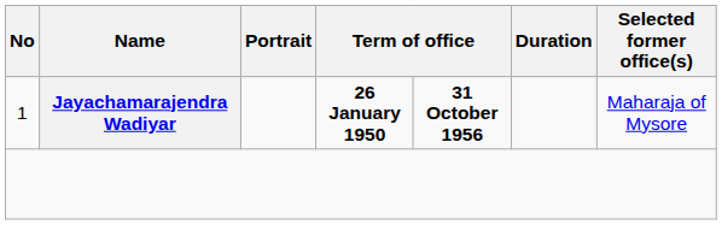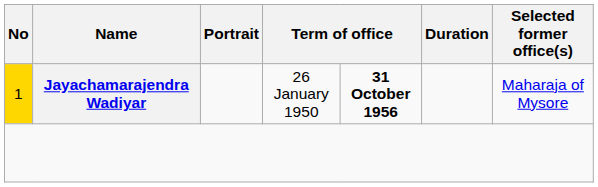 <table class="wikitable">
 <tr>
 <th>No</th>
 <th>Name</th>
 <th>Portrait</th>
 <th colspan=2>Term of office</th>
 <th scope=col>Duration</th>
 <th>Selected former office(s)</th>
 </tr>
 <tr align=center>
-<td>1</td>
+<td style="background: gold;">1</td>
 <th><a href='#'>Jayachamarajendra Wadiyar</a></th>
 <td></td>
-<td><strong>26 January 1950</strong></td>
+<td>26 January 1950</td>
 <td><strong>31 October 1956</strong></td>
 <td></td>
 <td><a href='#'>Maharaja of Mysore</a></td>
 </tr>
 <tr align=center style="height: 60px;">
 </tr>
 </table>
